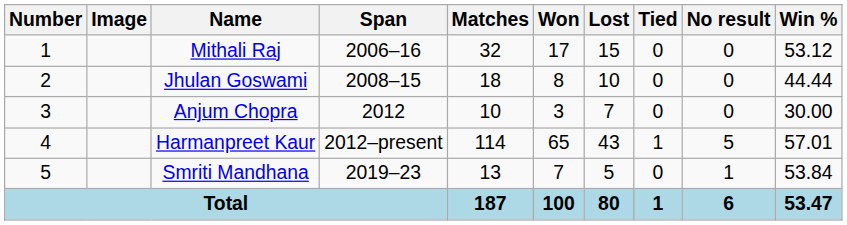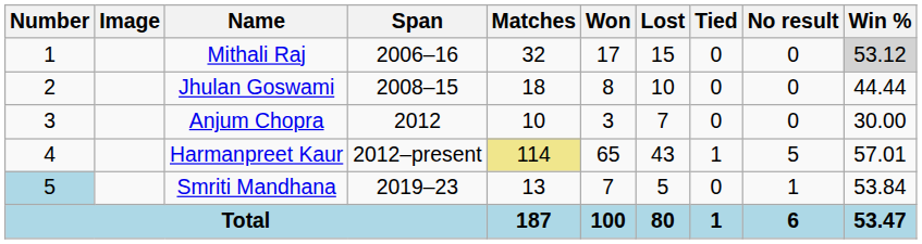 <table class="sortable wikitable"style="text-align:center;"style="font-size: 90%">
 <tr>
 <th>Number</th>
 <th>Image</th>
 <th>Name</th>
 <th>Span</th>
 <th>Matches</th>
 <th>Won</th>
 <th>Lost</th>
 <th>Tied</th>
 <th>No result</th>
 <th>Win %</th>
 </tr>
 <tr>
 <td>1</td>
 <td></td>
 <td><a href='#'>Mithali Raj</a></td>
 <td>2006–16</td>
 <td>32</td>
 <td>17</td>
 <td>15</td>
 <td>0</td>
 <td>0</td>
-<td>53.12</td>
+<td style="background: lightgrey;">53.12</td>
 </tr>
 <tr>
 <td>2</td>
 <td></td>
 <td><a href='#'>Jhulan Goswami</a></td>
 <td>2008–15</td>
 <td>18</td>
 <td>8</td>
 <td>10</td>
 <td>0</td>
 <td>0</td>
 <td>44.44</td>
 </tr>
 <tr>
 <td>3</td>
 <td></td>
 <td><a href='#'>Anjum Chopra</a></td>
 <td>2012</td>
 <td>10</td>
 <td>3</td>
 <td>7</td>
 <td>0</td>
 <td>0</td>
 <td>30.00</td>
 </tr>
 <tr>
 <td>4</td>
 <td></td>
 <td><a href='#'>Harmanpreet Kaur</a></td>
 <td>2012–present</td>
-<td>114</td>
+<td style="background: khaki;">114</td>
 <td>65</td>
 <td>43</td>
 <td>1</td>
 <td>5</td>
 <td>57.01</td>
 </tr>
 <tr>
-<td>5</td>
+<td style="background: lightblue;">5</td>
 <td></td>
 <td><a href='#'>Smriti Mandhana</a></td>
 <td>2019–23</td>
 <td>13</td>
 <td>7</td>
 <td>5</td>
 <td>0</td>
 <td>1</td>
 <td>53.84</td>
 </tr>
 <tr bgcolor="lightblue">
 <td colspan="4" align="center"><strong>Total</strong></td>
 <td><strong>187</strong></td>
 <td><strong>100</strong></td>
 <td><strong>80</strong></td>
 <td><strong>1</strong></td>
 <td><strong>6</strong></td>
 <td><strong>53.47</strong></td>
 </tr>
 </table>
